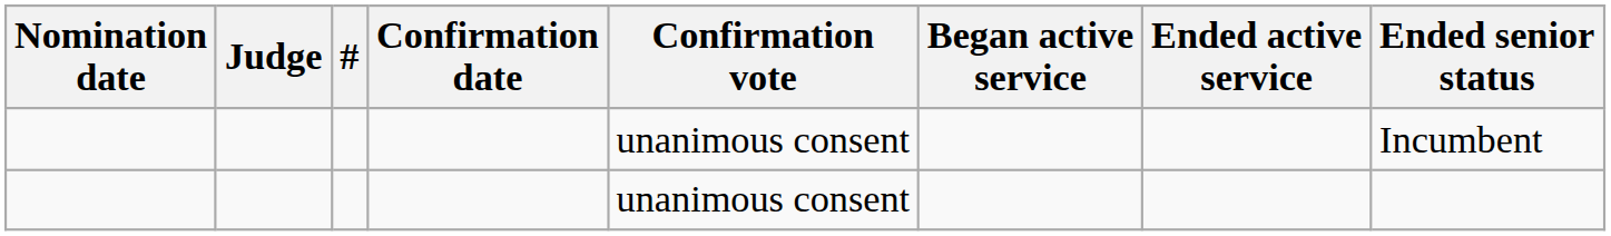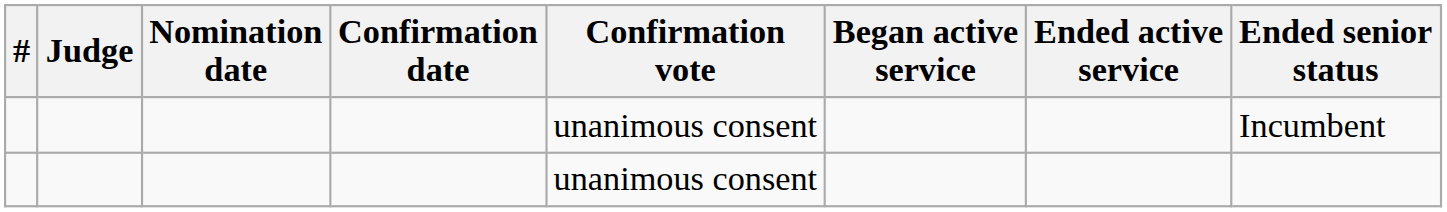 <table class="sortable wikitable">
 <tr bgcolor="#ececec">
+<th>#</th>
+<th>Judge</th>
 <th>Nomination<br>date</th>
-<th>Judge</th>
-<th>#</th>
 <th>Confirmation<br>date</th>
 <th>Confirmation<br>vote</th>
 <th>Began active<br>service</th>
 <th>Ended active<br>service</th>
 <th>Ended senior<br>status</th>
 </tr>
 <tr>
 <td></td>
 <td></td>
 <td></td>
 <td></td>
 <td>unanimous consent</td>
 <td></td>
 <td></td>
 <td>Incumbent</td>
 </tr>
 <tr>
 <td></td>
 <td></td>
 <td></td>
 <td></td>
 <td>unanimous consent</td>
 <td></td>
 <td></td>
 <td></td>
 </tr>
 </table>
